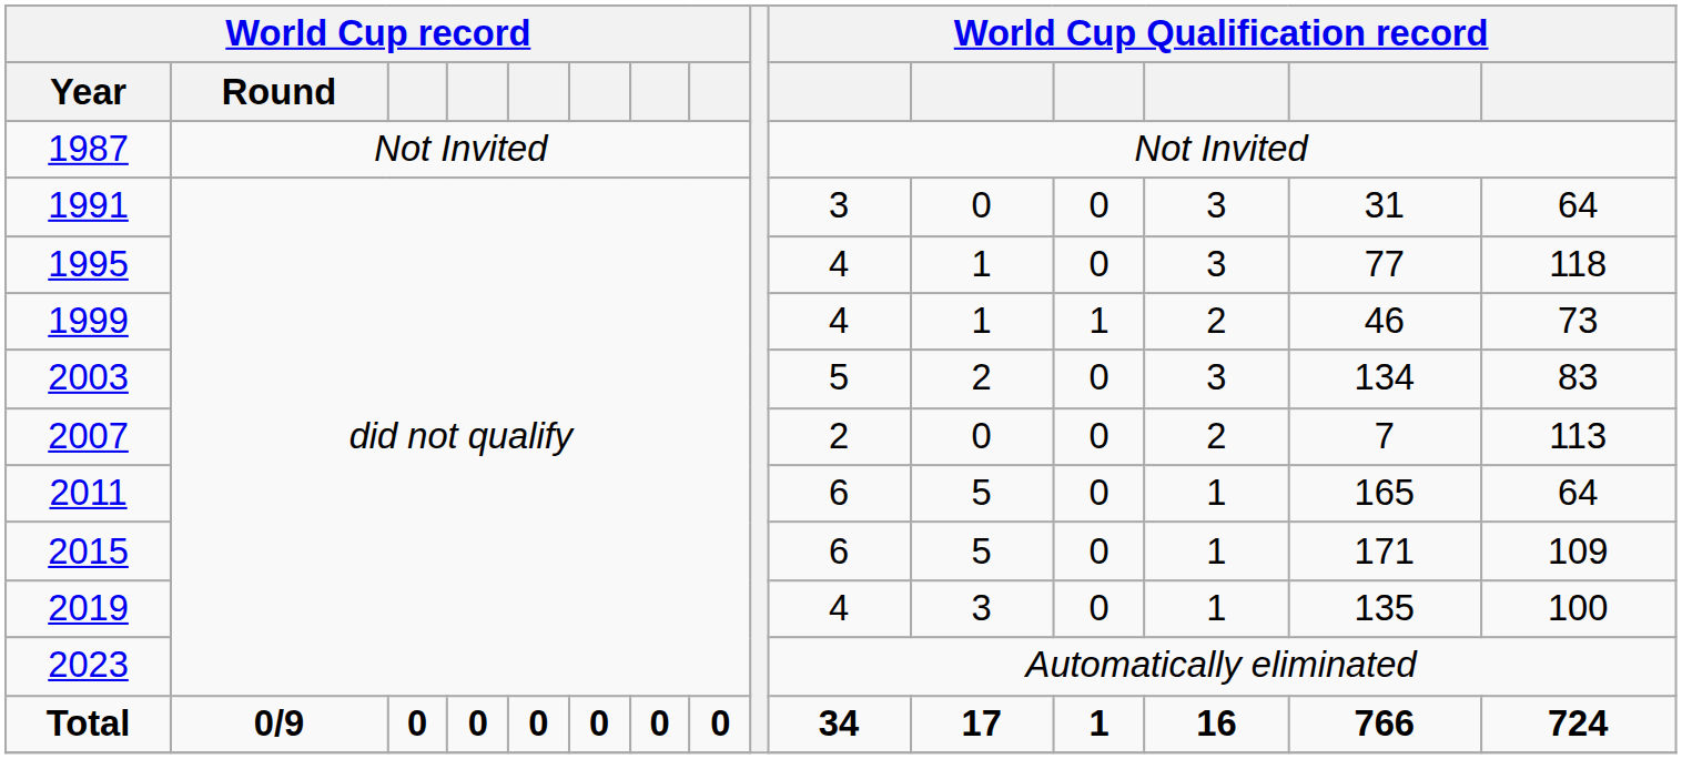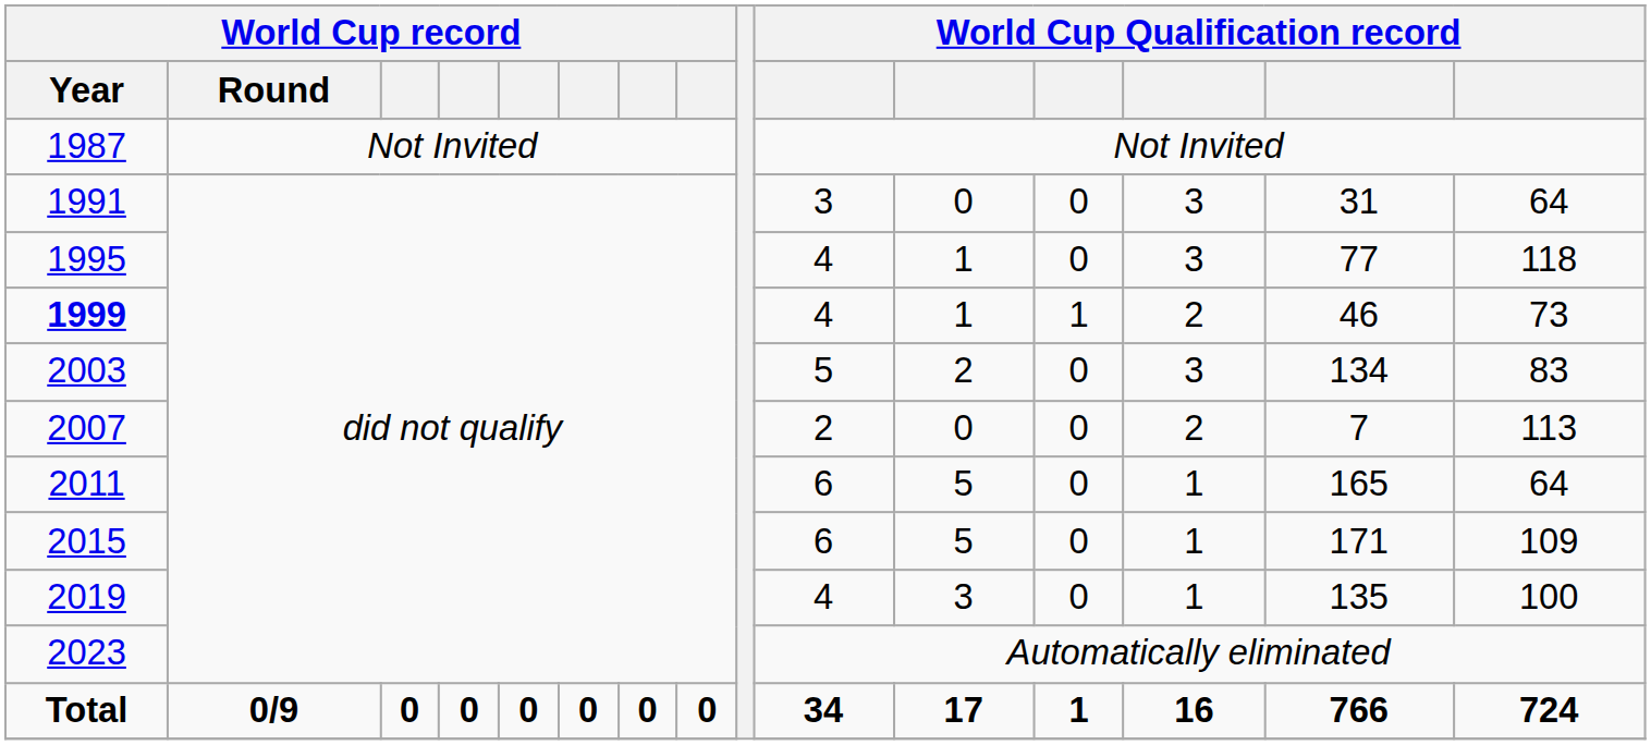 <table class="wikitable" style="text-align: center;">
 <tr>
 <th colspan=8><a href='#'>World Cup record</a></th>
 <th width=1% rowspan=25></th>
 <th colspan=6><a href='#'>World Cup Qualification record</a></th>
 </tr>
 <tr>
 <th>Year</th>
 <th>Round</th>
 <th></th>
 <th></th>
 <th></th>
 <th></th>
 <th></th>
 <th></th>
 <th></th>
 <th></th>
 <th></th>
 <th></th>
 <th></th>
 <th></th>
 </tr>
 <tr>
 <td> <a href='#'>1987</a></td>
 <td colspan=7><em>Not Invited</em></td>
 <td colspan=6><em>Not Invited</em></td>
 </tr>
 <tr>
 <td> <a href='#'>1991</a></td>
 <td rowspan=9 colspan=7><em>did not qualify</em></td>
 <td>3</td>
 <td>0</td>
 <td>0</td>
 <td>3</td>
 <td>31</td>
 <td>64</td>
 </tr>
 <tr>
 <td> <a href='#'>1995</a></td>
 <td>4</td>
 <td>1</td>
 <td>0</td>
 <td>3</td>
 <td>77</td>
 <td>118</td>
 </tr>
 <tr>
-<td> <a href='#'>1999</a></td>
+<td><strong> <a href='#'>1999</a></strong></td>
 <td>4</td>
 <td>1</td>
 <td>1</td>
 <td>2</td>
 <td>46</td>
 <td>73</td>
 </tr>
 <tr>
 <td> <a href='#'>2003</a></td>
 <td>5</td>
 <td>2</td>
 <td>0</td>
 <td>3</td>
 <td>134</td>
 <td>83</td>
 </tr>
 <tr>
 <td> <a href='#'>2007</a></td>
 <td>2</td>
 <td>0</td>
 <td>0</td>
 <td>2</td>
 <td>7</td>
 <td>113</td>
 </tr>
 <tr>
 <td> <a href='#'>2011</a></td>
 <td>6</td>
 <td>5</td>
 <td>0</td>
 <td>1</td>
 <td>165</td>
 <td>64</td>
 </tr>
 <tr>
 <td> <a href='#'>2015</a></td>
 <td>6</td>
 <td>5</td>
 <td>0</td>
 <td>1</td>
 <td>171</td>
 <td>109</td>
 </tr>
 <tr>
 <td> <a href='#'>2019</a></td>
 <td>4</td>
 <td>3</td>
 <td>0</td>
 <td>1</td>
 <td>135</td>
 <td>100</td>
 </tr>
 <tr>
 <td> <a href='#'>2023</a></td>
 <td colspan=6><em>Automatically eliminated</em></td>
 </tr>
 <tr>
 <td><strong>Total</strong></td>
 <td><strong>0/9</strong></td>
 <td><strong>0</strong></td>
 <td><strong>0</strong></td>
 <td><strong>0</strong></td>
 <td><strong>0</strong></td>
 <td><strong>0</strong></td>
 <td><strong>0</strong></td>
 <td><strong>34</strong></td>
 <td><strong>17</strong></td>
 <td><strong>1</strong></td>
 <td><strong>16</strong></td>
 <td><strong>766</strong></td>
 <td><strong>724</strong></td>
 </tr>
 <tr>
 </tr>
 </table>
